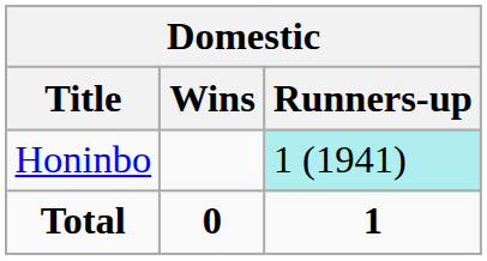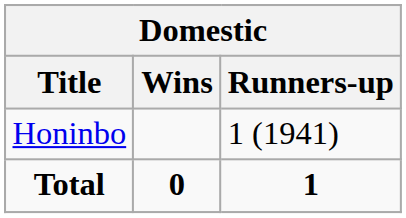 <table class="wikitable">
 <tr>
 <th colspan=3>Domestic</th>
 </tr>
 <tr>
 <th>Title</th>
 <th>Wins</th>
 <th>Runners-up</th>
 </tr>
 <tr>
 <td><a href='#'>Honinbo</a></td>
 <td></td>
-<td style="background: paleturquoise;">1 (1941)</td>
+<td>1 (1941)</td>
 </tr>
 <tr align="center">
 <td><strong>Total</strong></td>
 <td><strong>0</strong></td>
 <td><strong>1</strong></td>
 </tr>
 </table>
